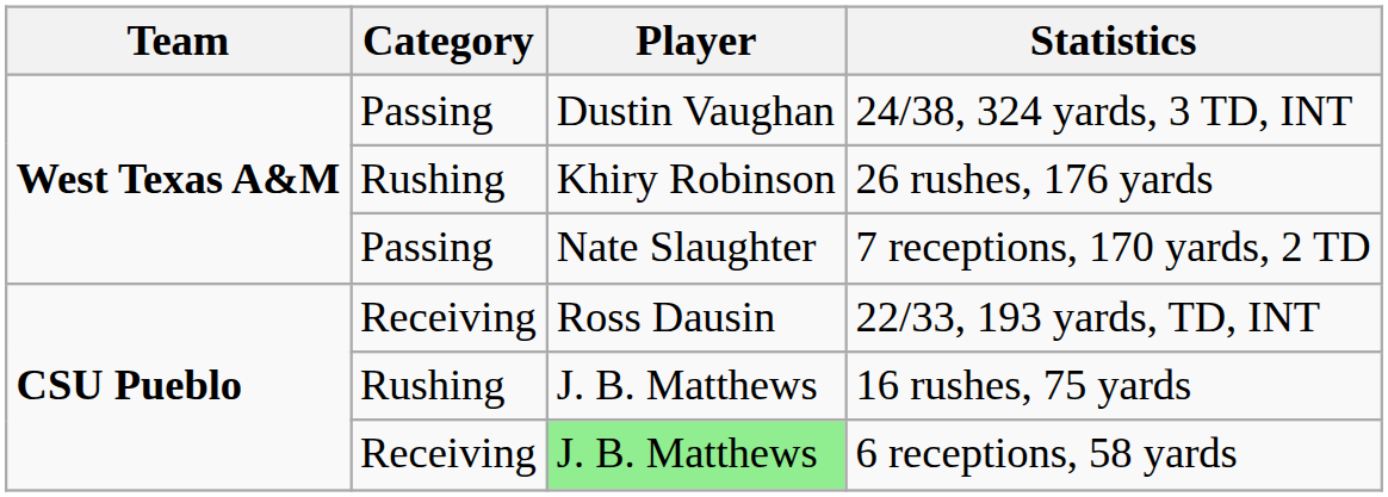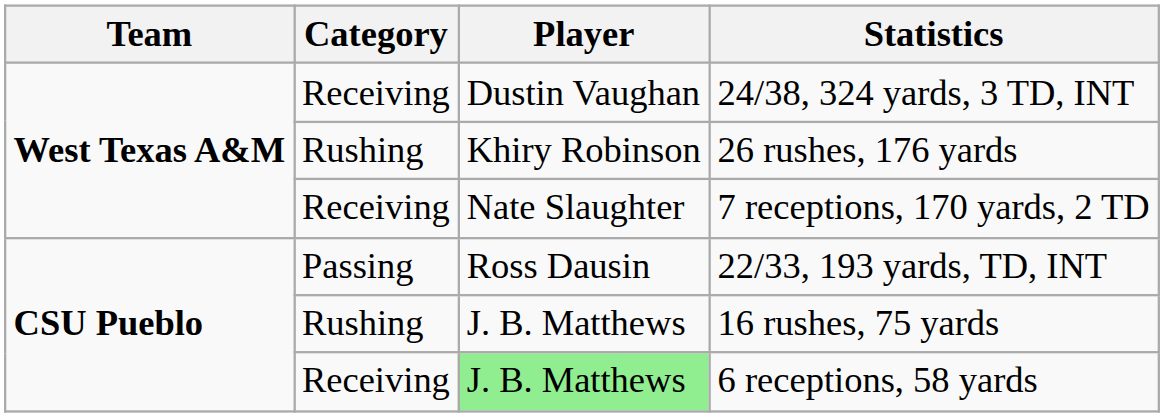 <table class="wikitable" style="float: left;">
 <tr>
 <th>Team</th>
 <th>Category</th>
 <th>Player</th>
 <th>Statistics</th>
 </tr>
 <tr>
 <td rowspan=3><strong>West Texas A&M</strong></td>
-<td>Passing</td>
+<td>Receiving</td>
 <td>Dustin Vaughan</td>
 <td>24/38, 324 yards, 3 TD, INT</td>
 </tr>
 <tr>
 <td>Rushing</td>
 <td>Khiry Robinson</td>
 <td>26 rushes, 176 yards</td>
 </tr>
 <tr>
-<td>Passing</td>
+<td>Receiving</td>
 <td>Nate Slaughter</td>
 <td>7 receptions, 170 yards, 2 TD</td>
 </tr>
 <tr>
 <td rowspan=3><strong>CSU Pueblo</strong></td>
-<td>Receiving</td>
+<td>Passing</td>
 <td>Ross Dausin</td>
 <td>22/33, 193 yards, TD, INT</td>
 </tr>
 <tr>
 <td>Rushing</td>
 <td>J. B. Matthews</td>
 <td>16 rushes, 75 yards</td>
 </tr>
 <tr>
 <td>Receiving</td>
 <td style="background: lightgreen;">J. B. Matthews</td>
 <td>6 receptions, 58 yards</td>
 </tr>
 </table>
